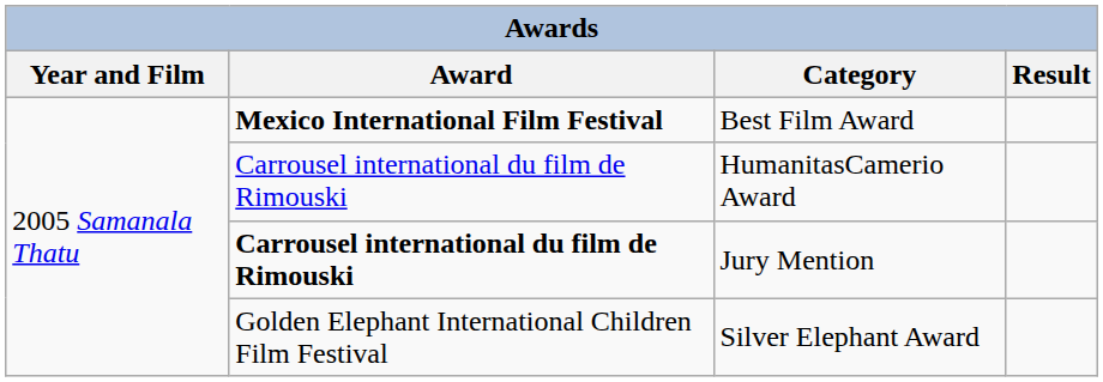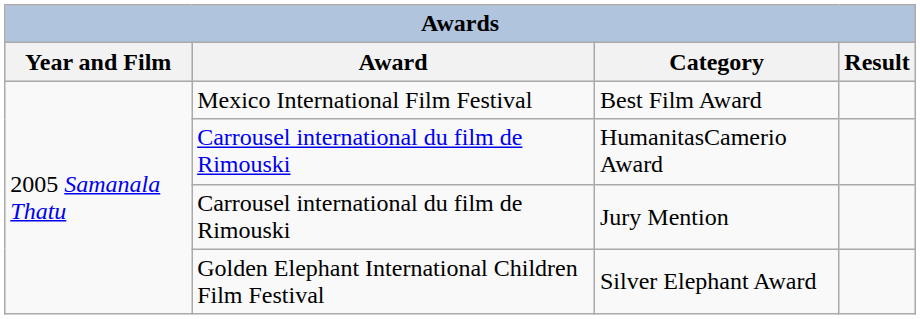 <table class="wikitable sortable">
 <tr style="background:#ccc; text-align:center;">
 <th colspan="5" style="background: LightSteelBlue;">Awards</th>
 </tr>
 <tr style="background:#ccc; text-align:center;">
 <th>Year and Film</th>
 <th>Award</th>
 <th>Category</th>
 <th>Result</th>
 </tr>
 <tr>
 <td rowspan=11>2005 <em><a href='#'>Samanala Thatu</a></em></td>
-<td><strong>Mexico International Film Festival</strong></td>
+<td>Mexico International Film Festival</td>
 <td>Best Film Award</td>
 <td></td>
 </tr>
 <tr>
 <td><a href='#'>Carrousel international du film de Rimouski</a></td>
 <td>HumanitasCamerio Award</td>
 <td></td>
 </tr>
 <tr>
-<td><strong>Carrousel international du film de Rimouski</strong></td>
+<td>Carrousel international du film de Rimouski</td>
 <td>Jury Mention</td>
 <td></td>
 </tr>
 <tr>
 <td>Golden Elephant International Children Film Festival</td>
 <td>Silver Elephant Award</td>
 <td></td>
 </tr>
 </table>
